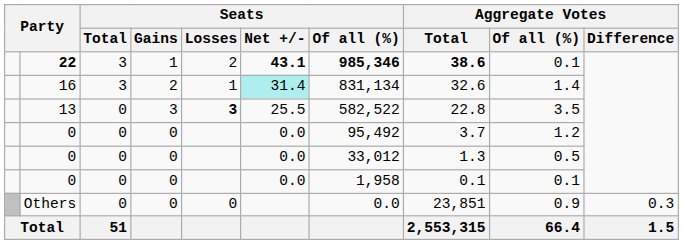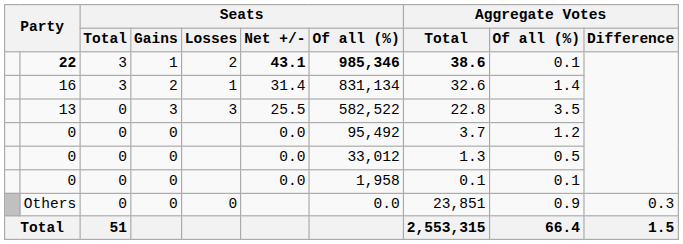 <table class="wikitable sortable" style="text-align:right; font-size:95%;">
 <tr>
 <th colspan="2" rowspan="2">Party</th>
 <th colspan="5">Seats</th>
 <th colspan="3">Aggregate Votes</th>
 </tr>
 <tr>
 <th>Total</th>
 <th>Gains</th>
 <th>Losses</th>
 <th>Net +/-</th>
 <th>Of all (%)</th>
 <th>Total</th>
 <th>Of all (%)</th>
 <th>Difference</th>
 </tr>
 <tr>
 <td></td>
 <td><strong>22</strong></td>
 <td>3</td>
 <td>1</td>
 <td>2</td>
 <td><strong>43.1</strong></td>
 <td><strong>985,346</strong></td>
 <td><strong>38.6</strong></td>
 <td>0.1</td>
 </tr>
 <tr>
 <td></td>
 <td>16</td>
 <td>3</td>
 <td>2</td>
 <td>1</td>
-<td style="background: paleturquoise;">31.4</td>
+<td>31.4</td>
 <td>831,134</td>
 <td>32.6</td>
 <td>1.4</td>
 </tr>
 <tr>
 <td></td>
 <td>13</td>
 <td>0</td>
 <td>3</td>
-<td><strong>3</strong></td>
+<td>3</td>
 <td>25.5</td>
 <td>582,522</td>
 <td>22.8</td>
 <td>3.5</td>
 </tr>
 <tr>
 <td></td>
 <td>0</td>
 <td>0</td>
 <td>0</td>
 <td></td>
 <td>0.0</td>
 <td>95,492</td>
 <td>3.7</td>
 <td>1.2</td>
 </tr>
 <tr>
 <td></td>
 <td>0</td>
 <td>0</td>
 <td>0</td>
 <td></td>
 <td>0.0</td>
 <td>33,012</td>
 <td>1.3</td>
 <td>0.5</td>
 </tr>
 <tr>
 <td></td>
 <td>0</td>
 <td>0</td>
 <td>0</td>
 <td></td>
 <td>0.0</td>
 <td>1,958</td>
 <td>0.1</td>
 <td>0.1</td>
 </tr>
 <tr>
 <td style="background:silver;"> </td>
 <td align=left>Others</td>
 <td>0</td>
 <td>0</td>
 <td>0</td>
 <td></td>
 <td>0.0</td>
 <td>23,851</td>
 <td>0.9</td>
 <td>0.3</td>
 </tr>
 <tr class="sortbottom">
 <th colspan="2" style="background:#f2f2f2"><strong>Total</strong></th>
 <td style="background:#f2f2f2;"><strong>51</strong></td>
 <td style="background:#f2f2f2;"></td>
 <td style="background:#f2f2f2;"></td>
 <td style="background:#f2f2f2;"></td>
 <td style="background:#f2f2f2;"></td>
 <td style="background:#f2f2f2;"><strong>2,553,315</strong></td>
 <td style="background:#f2f2f2;"><strong>66.4</strong></td>
 <td style="background:#f2f2f2;"><strong>1.5</strong></td>
 </tr>
 </table>
